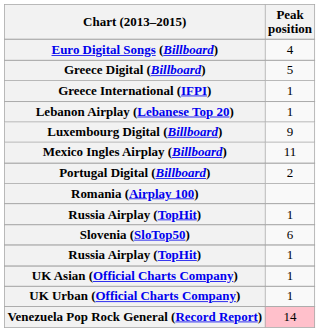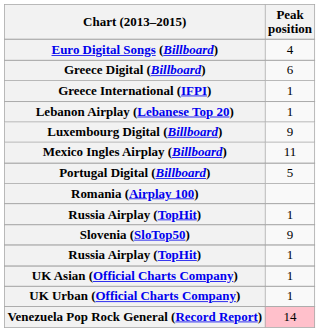 <table class="wikitable sortable plainrowheaders" style="text-align:center">
 <tr>
 <th scope="col">Chart (2013–2015)</th>
 <th scope="col">Peak<br>position</th>
 </tr>
 <tr>
 </tr>
 <tr>
 </tr>
 <tr>
 </tr>
 <tr>
 </tr>
 <tr>
 </tr>
 <tr>
 </tr>
 <tr>
 </tr>
 <tr>
 </tr>
 <tr>
 </tr>
 <tr>
 </tr>
 <tr>
 </tr>
 <tr>
 </tr>
 <tr>
 </tr>
 <tr>
 <th scope="row"><a href='#'>Euro Digital Songs</a> (<em><a href='#'>Billboard</a></em>)</th>
 <td>4</td>
 </tr>
 <tr>
 </tr>
 <tr>
 </tr>
 <tr>
 </tr>
 <tr>
 <th scope="row">Greece Digital (<em><a href='#'>Billboard</a></em>)</th>
-<td>5</td>
+<td>6</td>
 </tr>
 <tr>
 <th scope="row">Greece International (<a href='#'>IFPI</a>)</th>
 <td>1</td>
 </tr>
 <tr>
 </tr>
 <tr>
 </tr>
 <tr>
 </tr>
 <tr>
 </tr>
 <tr>
 </tr>
 <tr>
 </tr>
 <tr>
 </tr>
 <tr>
 <th scope="row">Lebanon Airplay (<a href='#'>Lebanese Top 20</a>)</th>
 <td>1</td>
 </tr>
 <tr>
 <th scope="row">Luxembourg Digital (<em><a href='#'>Billboard</a></em>)</th>
 <td>9</td>
 </tr>
 <tr>
 <th scope="row">Mexico Ingles Airplay (<em><a href='#'>Billboard</a></em>)</th>
 <td>11</td>
 </tr>
 <tr>
 </tr>
 <tr>
 </tr>
 <tr>
 </tr>
 <tr>
 </tr>
 <tr>
 </tr>
 <tr>
 </tr>
 <tr>
 <th scope="row">Portugal Digital (<em><a href='#'>Billboard</a></em>)</th>
-<td>2</td>
+<td>5</td>
 </tr>
 <tr>
 <th scope="row">Romania (<a href='#'>Airplay 100</a>)</th>
 <td></td>
 </tr>
 <tr>
 </tr>
 <tr>
 <th scope="row">Russia Airplay (<a href='#'>TopHit</a>)</th>
 <td>1</td>
 </tr>
 <tr>
 </tr>
 <tr>
 </tr>
 <tr>
 <th scope="row">Slovenia (<a href='#'>SloTop50</a>)</th>
-<td align=center>6</td>
+<td align=center>9</td>
 </tr>
 <tr>
 </tr>
 <tr>
 </tr>
 <tr>
 </tr>
 <tr>
 <th scope="row">Russia Airplay (<a href='#'>TopHit</a>)</th>
 <td>1</td>
 </tr>
 <tr>
 </tr>
 <tr>
 <th scope="row">UK Asian (<a href='#'>Official Charts Company</a>)</th>
 <td>1</td>
 </tr>
 <tr>
 </tr>
 <tr>
 <th scope="row">UK Urban (<a href='#'>Official Charts Company</a>)</th>
 <td>1</td>
 </tr>
 <tr>
 </tr>
 <tr>
 </tr>
 <tr>
 </tr>
 <tr>
 </tr>
 <tr>
 </tr>
 <tr>
 </tr>
 <tr>
 <th scope="row">Venezuela Pop Rock General (<a href='#'>Record Report</a>)</th>
 <td style="background: pink;">14</td>
 </tr>
 </table>
